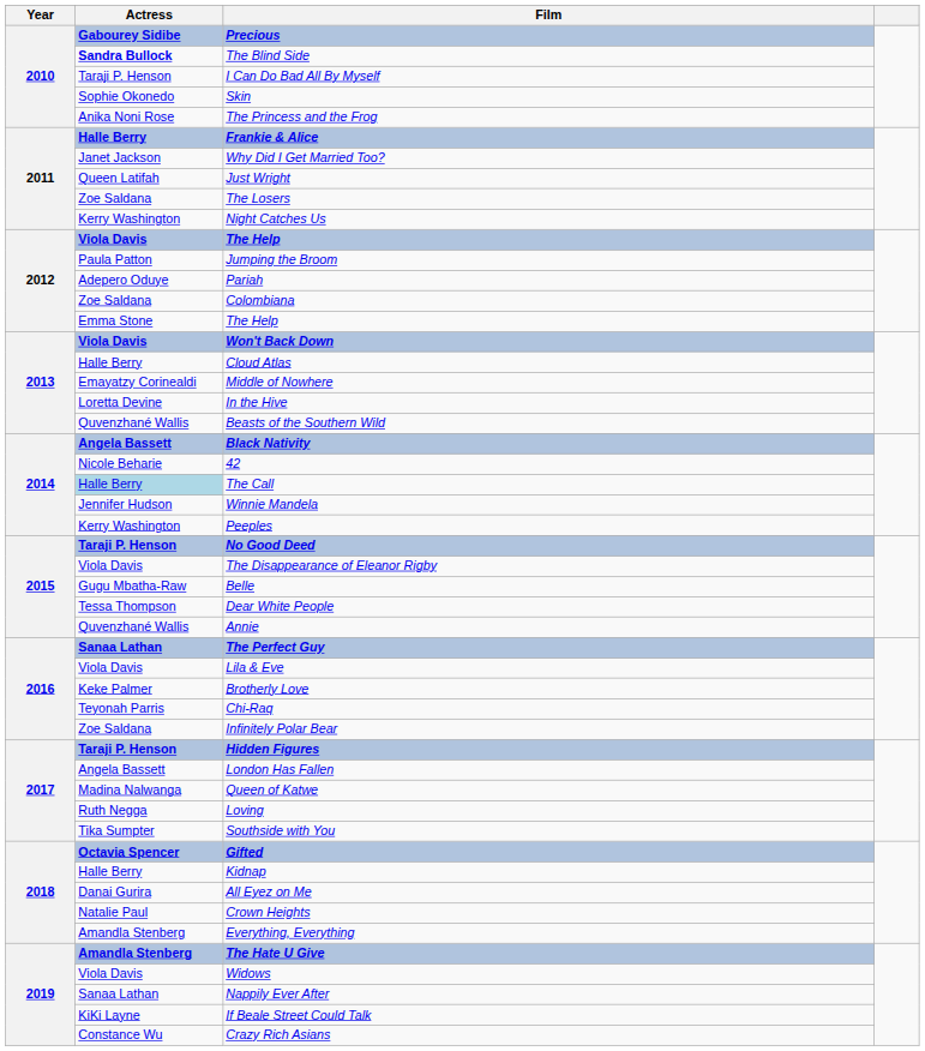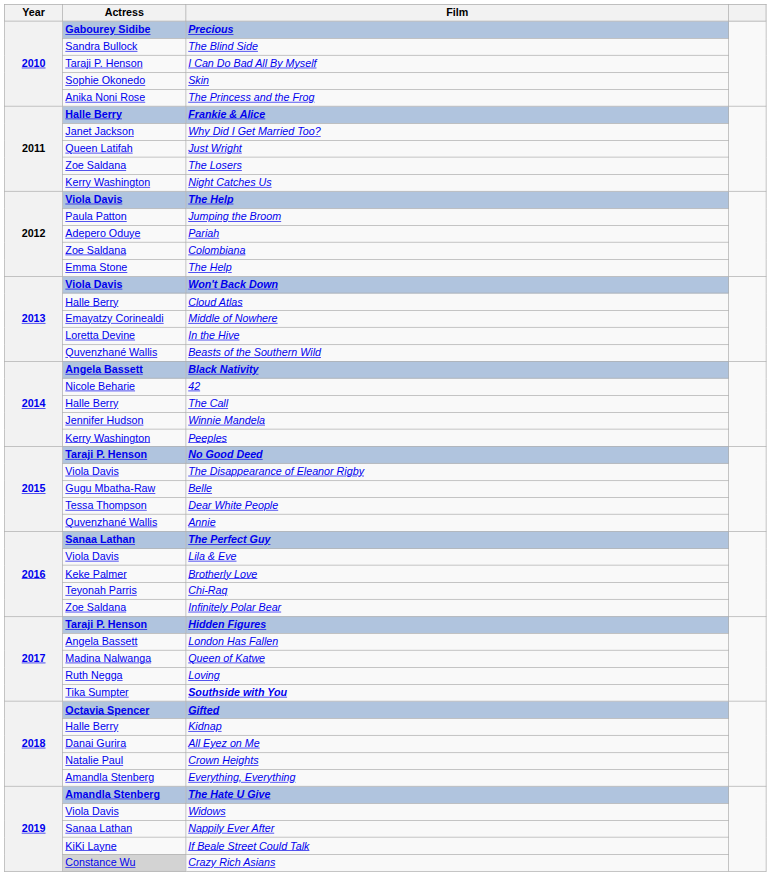 <table class="wikitable" style="width:90%;">
 <tr style="background:#bebebe;">
 <th scope="col" style="width:5em;">Year</th>
 <th scope="col" style="width:11em;">Actress</th>
 <th scope="col">Film</th>
 <th scope="col" style="width:3em;"></th>
 </tr>
 <tr>
 <th scope="row" rowspan="5"><a href='#'>2010</a></th>
 <td style="background:#B0C4DE; font-weight:bold;"><a href='#'>Gabourey Sidibe</a></td>
 <td style="background:#B0C4DE; font-weight:bold;"><em><a href='#'>Precious</a></em></td>
 <td rowspan="5" style="text-align:center;"></td>
 </tr>
 <tr>
-<td><strong><a href='#'>Sandra Bullock</a></strong></td>
+<td><a href='#'>Sandra Bullock</a></td>
 <td><em><a href='#'>The Blind Side</a></em></td>
 </tr>
 <tr>
 <td><a href='#'>Taraji P. Henson</a></td>
 <td><em><a href='#'>I Can Do Bad All By Myself</a></em></td>
 </tr>
 <tr>
 <td><a href='#'>Sophie Okonedo</a></td>
 <td><em><a href='#'>Skin</a></em></td>
 </tr>
 <tr>
 <td><a href='#'>Anika Noni Rose</a></td>
 <td><em><a href='#'>The Princess and the Frog</a></em></td>
 </tr>
 <tr>
 <th scope="row" rowspan="5">2011</th>
 <td style="background:#B0C4DE; font-weight:bold;"><a href='#'>Halle Berry</a></td>
 <td style="background:#B0C4DE; font-weight:bold;"><em><a href='#'>Frankie & Alice</a></em></td>
 <td rowspan="5" style="text-align:center;"></td>
 </tr>
 <tr>
 <td><a href='#'>Janet Jackson</a></td>
 <td><em><a href='#'>Why Did I Get Married Too?</a></em></td>
 </tr>
 <tr>
 <td><a href='#'>Queen Latifah</a></td>
 <td><em><a href='#'>Just Wright</a></em></td>
 </tr>
 <tr>
 <td><a href='#'>Zoe Saldana</a></td>
 <td><em><a href='#'>The Losers</a></em></td>
 </tr>
 <tr>
 <td><a href='#'>Kerry Washington</a></td>
 <td><em><a href='#'>Night Catches Us</a></em></td>
 </tr>
 <tr>
 <th scope="row" rowspan="5">2012</th>
 <td style="background:#B0C4DE; font-weight:bold;"><a href='#'>Viola Davis</a></td>
 <td style="background:#B0C4DE; font-weight:bold;"><em><a href='#'>The Help</a></em></td>
 <td rowspan="5" style="text-align:center;"></td>
 </tr>
 <tr>
 <td><a href='#'>Paula Patton</a></td>
 <td><em><a href='#'>Jumping the Broom</a></em></td>
 </tr>
 <tr>
 <td><a href='#'>Adepero Oduye</a></td>
 <td><em><a href='#'>Pariah</a></em></td>
 </tr>
 <tr>
 <td><a href='#'>Zoe Saldana</a></td>
 <td><em><a href='#'>Colombiana</a></em></td>
 </tr>
 <tr>
 <td><a href='#'>Emma Stone</a></td>
 <td><em><a href='#'>The Help</a></em></td>
 </tr>
 <tr>
 <th scope="row" rowspan="5"><a href='#'>2013</a></th>
 <td style="background:#B0C4DE; font-weight:bold;"><a href='#'>Viola Davis</a></td>
 <td style="background:#B0C4DE; font-weight:bold;"><em><a href='#'>Won't Back Down</a></em></td>
 <td rowspan="5" style="text-align:center;"></td>
 </tr>
 <tr>
 <td><a href='#'>Halle Berry</a></td>
 <td><em><a href='#'>Cloud Atlas</a></em></td>
 </tr>
 <tr>
 <td><a href='#'>Emayatzy Corinealdi</a></td>
 <td><em><a href='#'>Middle of Nowhere</a></em></td>
 </tr>
 <tr>
 <td><a href='#'>Loretta Devine</a></td>
 <td><em><a href='#'>In the Hive</a></em></td>
 </tr>
 <tr>
 <td><a href='#'>Quvenzhané Wallis</a></td>
 <td><em><a href='#'>Beasts of the Southern Wild</a></em></td>
 </tr>
 <tr>
 <th scope="row" rowspan="5"><a href='#'>2014</a></th>
 <td style="background:#B0C4DE; font-weight:bold;"><a href='#'>Angela Bassett</a></td>
 <td style="background:#B0C4DE; font-weight:bold;"><em><a href='#'>Black Nativity</a></em></td>
 <td rowspan="5" style="text-align:center;"></td>
 </tr>
 <tr>
 <td><a href='#'>Nicole Beharie</a></td>
 <td><em><a href='#'>42</a></em></td>
 </tr>
 <tr>
-<td style="background: lightblue;"><a href='#'>Halle Berry</a></td>
+<td><a href='#'>Halle Berry</a></td>
 <td><em><a href='#'>The Call</a></em></td>
 </tr>
 <tr>
 <td><a href='#'>Jennifer Hudson</a></td>
 <td><em><a href='#'>Winnie Mandela</a></em></td>
 </tr>
 <tr>
 <td><a href='#'>Kerry Washington</a></td>
 <td><em><a href='#'>Peeples</a></em></td>
 </tr>
 <tr>
 <th scope="row" rowspan="5"><a href='#'>2015</a></th>
 <td style="background:#B0C4DE; font-weight:bold;"><a href='#'>Taraji P. Henson</a></td>
 <td style="background:#B0C4DE; font-weight:bold;"><em><a href='#'>No Good Deed</a></em></td>
 <td rowspan="5" style="text-align:center;"></td>
 </tr>
 <tr>
 <td><a href='#'>Viola Davis</a></td>
 <td><em><a href='#'>The Disappearance of Eleanor Rigby</a></em></td>
 </tr>
 <tr>
 <td><a href='#'>Gugu Mbatha-Raw</a></td>
 <td><em><a href='#'>Belle</a></em></td>
 </tr>
 <tr>
 <td><a href='#'>Tessa Thompson</a></td>
 <td><em><a href='#'>Dear White People</a></em></td>
 </tr>
 <tr>
 <td><a href='#'>Quvenzhané Wallis</a></td>
 <td><em><a href='#'>Annie</a></em></td>
 </tr>
 <tr>
 <th scope="row" rowspan="5"><a href='#'>2016</a></th>
 <td style="background:#B0C4DE; font-weight:bold;"><a href='#'>Sanaa Lathan</a></td>
 <td style="background:#B0C4DE; font-weight:bold;"><em><a href='#'>The Perfect Guy</a></em></td>
 <td rowspan="5" style="text-align:center;"></td>
 </tr>
 <tr>
 <td><a href='#'>Viola Davis</a></td>
 <td><em><a href='#'>Lila & Eve</a></em></td>
 </tr>
 <tr>
 <td><a href='#'>Keke Palmer</a></td>
 <td><em><a href='#'>Brotherly Love</a></em></td>
 </tr>
 <tr>
 <td><a href='#'>Teyonah Parris</a></td>
 <td><em><a href='#'>Chi-Raq</a></em></td>
 </tr>
 <tr>
 <td><a href='#'>Zoe Saldana</a></td>
 <td><em><a href='#'>Infinitely Polar Bear</a></em></td>
 </tr>
 <tr>
 <th scope="row" rowspan="5"><a href='#'>2017</a></th>
 <td style="background:#B0C4DE; font-weight:bold;"><a href='#'>Taraji P. Henson</a></td>
 <td style="background:#B0C4DE; font-weight:bold;"><em><a href='#'>Hidden Figures</a></em></td>
 <td rowspan="5" style="text-align:center;"></td>
 </tr>
 <tr>
 <td><a href='#'>Angela Bassett</a></td>
 <td><em><a href='#'>London Has Fallen</a></em></td>
 </tr>
 <tr>
 <td><a href='#'>Madina Nalwanga</a></td>
 <td><em><a href='#'>Queen of Katwe</a></em></td>
 </tr>
 <tr>
 <td><a href='#'>Ruth Negga</a></td>
 <td><em><a href='#'>Loving</a></em></td>
 </tr>
 <tr>
 <td><a href='#'>Tika Sumpter</a></td>
-<td><em><a href='#'>Southside with You</a></em></td>
+<td><strong><em><a href='#'>Southside with You</a></em></strong></td>
 </tr>
 <tr>
 <th scope="row" rowspan="5"><a href='#'>2018</a></th>
 <td style="background:#B0C4DE; font-weight:bold;"><a href='#'>Octavia Spencer</a></td>
 <td style="background:#B0C4DE; font-weight:bold;"><em><a href='#'>Gifted</a></em></td>
 <td rowspan="5" style="text-align:center;"></td>
 </tr>
 <tr>
 <td><a href='#'>Halle Berry</a></td>
 <td><em><a href='#'>Kidnap</a></em></td>
 </tr>
 <tr>
 <td><a href='#'>Danai Gurira</a></td>
 <td><em><a href='#'>All Eyez on Me</a></em></td>
 </tr>
 <tr>
 <td><a href='#'>Natalie Paul</a></td>
 <td><em><a href='#'>Crown Heights</a></em></td>
 </tr>
 <tr>
 <td><a href='#'>Amandla Stenberg</a></td>
 <td><em><a href='#'>Everything, Everything</a></em></td>
 </tr>
 <tr>
 <th scope="row" rowspan="5"><a href='#'>2019</a></th>
 <td style="background:#B0C4DE; font-weight:bold;"><a href='#'>Amandla Stenberg</a></td>
 <td style="background:#B0C4DE; font-weight:bold;"><em><a href='#'>The Hate U Give</a></em></td>
 <td rowspan="5"></td>
 </tr>
 <tr>
 <td><a href='#'>Viola Davis</a></td>
 <td><em><a href='#'>Widows</a></em></td>
 </tr>
 <tr>
 <td><a href='#'>Sanaa Lathan</a></td>
 <td><em><a href='#'>Nappily Ever After</a></em></td>
 </tr>
 <tr>
 <td><a href='#'>KiKi Layne</a></td>
 <td><em><a href='#'>If Beale Street Could Talk</a></em></td>
 </tr>
 <tr>
-<td><a href='#'>Constance Wu</a></td>
+<td style="background: lightgrey;"><a href='#'>Constance Wu</a></td>
 <td><em><a href='#'>Crazy Rich Asians</a></em></td>
 </tr>
 </table>
